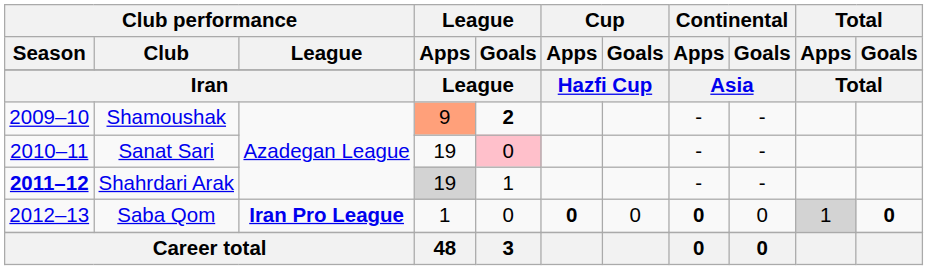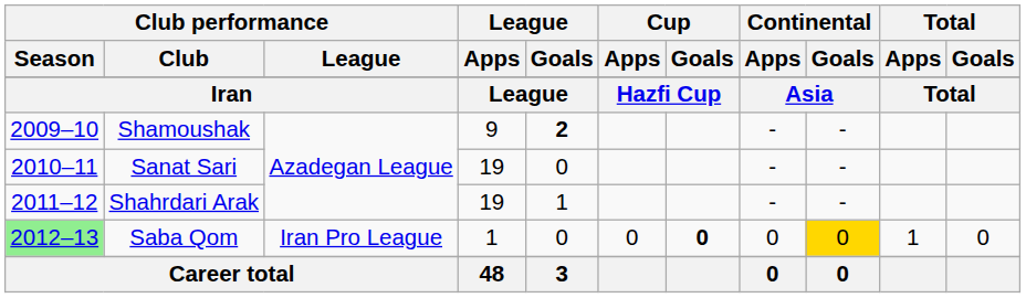 <table class="wikitable" style="text-align:center">
 <tr>
 <th colspan=3>Club performance</th>
 <th colspan=2>League</th>
 <th colspan=2>Cup</th>
 <th colspan=2>Continental</th>
 <th colspan=2>Total</th>
 </tr>
 <tr>
 <th>Season</th>
 <th>Club</th>
 <th>League</th>
 <th>Apps</th>
 <th>Goals</th>
 <th>Apps</th>
 <th>Goals</th>
 <th>Apps</th>
 <th>Goals</th>
 <th>Apps</th>
 <th>Goals</th>
 </tr>
 <tr>
 </tr>
 <tr>
 <th colspan=3>Iran</th>
 <th colspan=2>League</th>
 <th colspan=2><a href='#'>Hazfi Cup</a></th>
 <th colspan=2><a href='#'>Asia</a></th>
 <th colspan=2>Total</th>
 </tr>
 <tr>
 <td><a href='#'>2009–10</a></td>
 <td><a href='#'>Shamoushak</a></td>
 <td rowspan="3"><a href='#'>Azadegan League</a></td>
-<td style="background: lightsalmon;">9</td>
+<td>9</td>
 <td><strong>2</strong></td>
 <td></td>
 <td></td>
 <td>-</td>
 <td>-</td>
 <td></td>
 <td></td>
 </tr>
 <tr>
 <td><a href='#'>2010–11</a></td>
 <td><a href='#'>Sanat Sari</a></td>
 <td>19</td>
-<td style="background: pink;">0</td>
+<td>0</td>
 <td></td>
 <td></td>
 <td>-</td>
 <td>-</td>
 <td></td>
 <td></td>
 </tr>
 <tr>
-<td><strong><a href='#'>2011–12</a></strong></td>
+<td><a href='#'>2011–12</a></td>
 <td><a href='#'>Shahrdari Arak</a></td>
-<td style="background: lightgrey;">19</td>
+<td>19</td>
 <td>1</td>
 <td></td>
 <td></td>
 <td>-</td>
 <td>-</td>
 <td></td>
 <td></td>
 </tr>
 <tr>
-<td><a href='#'>2012–13</a></td>
+<td style="background: lightgreen;"><a href='#'>2012–13</a></td>
 <td><a href='#'>Saba Qom</a></td>
-<td><strong><a href='#'>Iran Pro League</a></strong></td>
+<td><a href='#'>Iran Pro League</a></td>
 <td>1</td>
+<td>0</td>
 <td>0</td>
 <td><strong>0</strong></td>
 <td>0</td>
-<td><strong>0</strong></td>
+<td style="background: gold;">0</td>
+<td>1</td>
 <td>0</td>
-<td style="background: lightgrey;">1</td>
-<td><strong>0</strong></td>
 </tr>
 <tr>
 </tr>
 <tr>
 <th colspan=3>Career total</th>
 <th>48</th>
 <th>3</th>
 <th></th>
 <th></th>
 <th>0</th>
 <th>0</th>
 <th></th>
 <th></th>
 </tr>
 </table>
